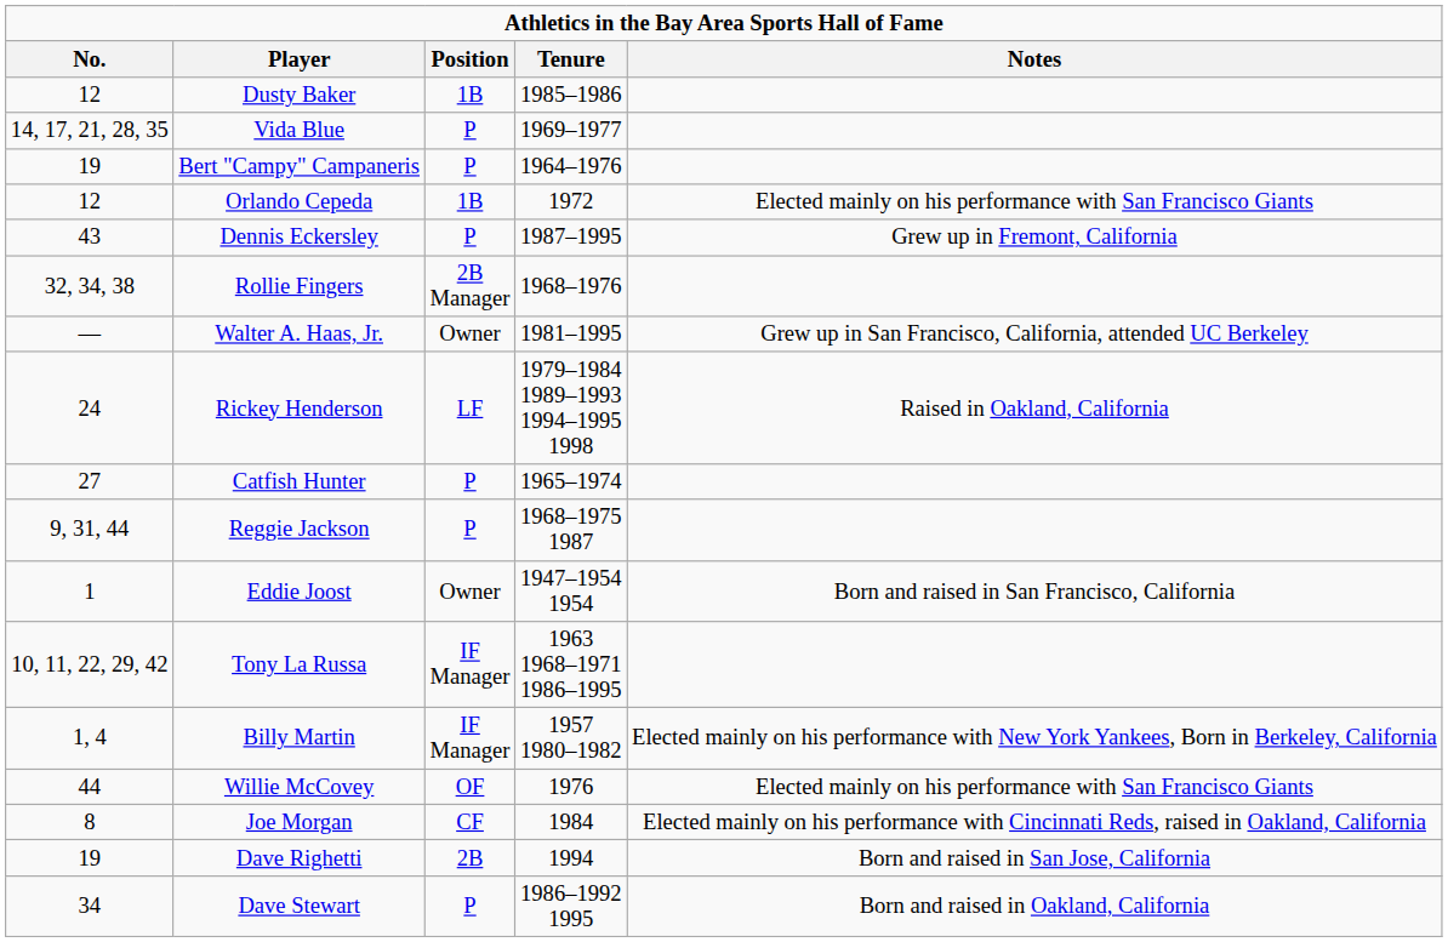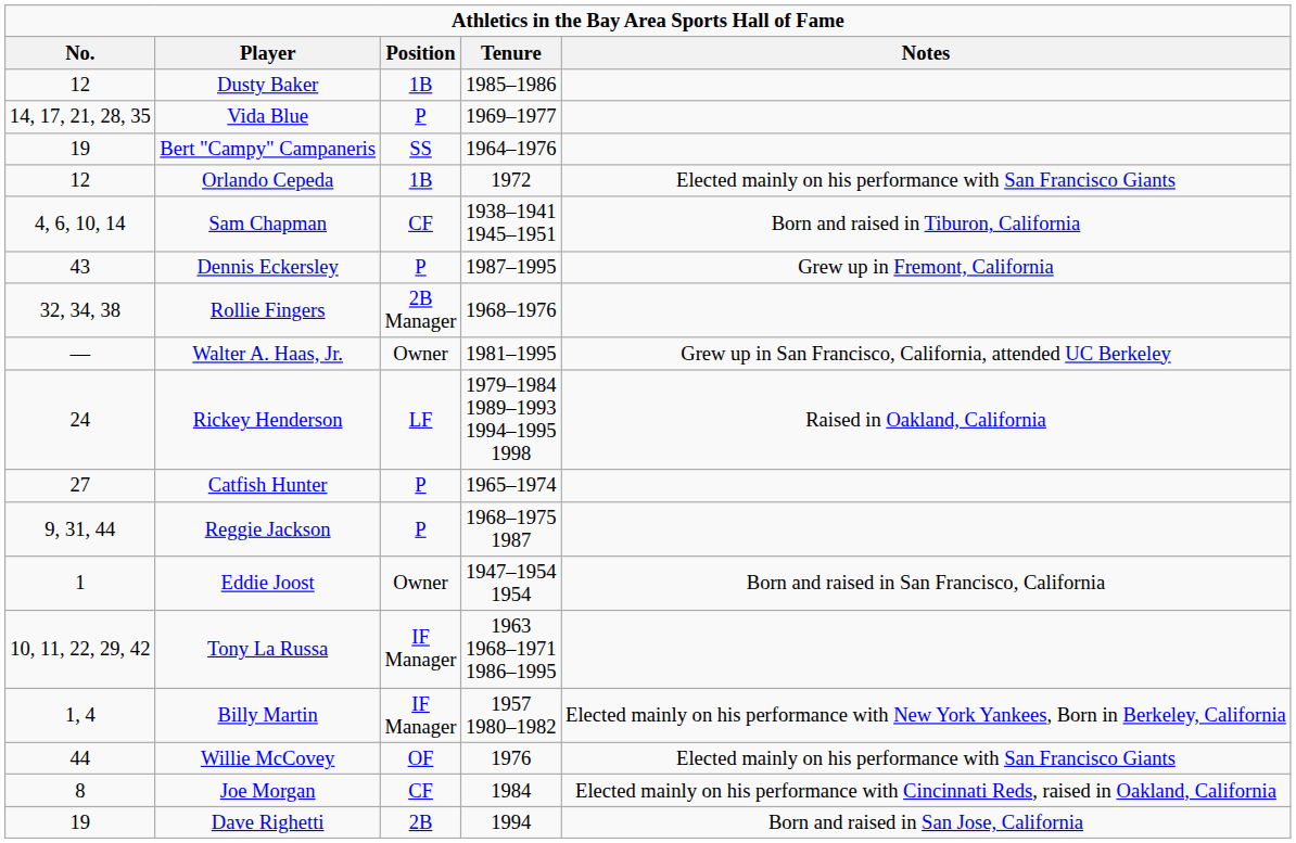 <table class="wikitable" style="text-align:center">
 <tr>
 <td colspan="5"><strong>Athletics in the Bay Area Sports Hall of Fame</strong></td>
 </tr>
 <tr>
 <th>No.</th>
 <th>Player</th>
 <th>Position</th>
 <th>Tenure</th>
 <th>Notes</th>
 </tr>
 <tr>
 <td>12</td>
 <td><a href='#'>Dusty Baker</a></td>
 <td><a href='#'>1B</a></td>
 <td>1985–1986</td>
 <td></td>
 </tr>
 <tr>
 <td>14, 17, 21, 28, 35</td>
 <td><a href='#'>Vida Blue</a></td>
 <td><a href='#'>P</a></td>
 <td>1969–1977</td>
 <td></td>
 </tr>
 <tr>
 <td>19</td>
 <td><a href='#'>Bert "Campy" Campaneris</a></td>
-<td><a href='#'>P</a></td>
+<td><a href='#'>SS</a></td>
 <td>1964–1976</td>
 <td></td>
 </tr>
 <tr>
 <td>12</td>
 <td><a href='#'>Orlando Cepeda</a></td>
 <td><a href='#'>1B</a></td>
 <td>1972</td>
 <td>Elected mainly on his performance with <a href='#'>San Francisco Giants</a></td>
+</tr>
+<tr>
+<td>4, 6, 10, 14</td>
+<td><a href='#'>Sam Chapman</a></td>
+<td><a href='#'>CF</a></td>
+<td>1938–1941<br>1945–1951</td>
+<td>Born and raised in <a href='#'>Tiburon, California</a></td>
 </tr>
 <tr>
 <td>43</td>
 <td><a href='#'>Dennis Eckersley</a></td>
 <td><a href='#'>P</a></td>
 <td>1987–1995</td>
 <td>Grew up in <a href='#'>Fremont, California</a></td>
 </tr>
 <tr>
 <td>32, 34, 38</td>
 <td><a href='#'>Rollie Fingers</a></td>
 <td><a href='#'>2B</a><br>Manager</td>
 <td>1968–1976</td>
 <td></td>
 </tr>
 <tr>
 <td>—</td>
 <td><a href='#'>Walter A. Haas, Jr.</a></td>
 <td>Owner</td>
 <td>1981–1995</td>
 <td>Grew up in San Francisco, California, attended <a href='#'>UC Berkeley</a></td>
 </tr>
 <tr>
 <td>24</td>
 <td><a href='#'>Rickey Henderson</a></td>
 <td><a href='#'>LF</a></td>
 <td>1979–1984<br>1989–1993<br>1994–1995<br>1998</td>
 <td>Raised in <a href='#'>Oakland, California</a></td>
 </tr>
 <tr>
 <td>27</td>
 <td><a href='#'>Catfish Hunter</a></td>
 <td><a href='#'>P</a></td>
 <td>1965–1974</td>
 <td></td>
 </tr>
 <tr>
 <td>9, 31, 44</td>
 <td><a href='#'>Reggie Jackson</a></td>
 <td><a href='#'>P</a></td>
 <td>1968–1975<br>1987</td>
 <td></td>
 </tr>
 <tr>
 <td>1</td>
 <td><a href='#'>Eddie Joost</a></td>
 <td>Owner</td>
 <td>1947–1954<br>1954</td>
 <td>Born and raised in San Francisco, California</td>
 </tr>
 <tr>
 <td>10, 11, 22, 29, 42</td>
 <td><a href='#'>Tony La Russa</a></td>
 <td><a href='#'>IF</a><br>Manager</td>
 <td>1963<br>1968–1971<br>1986–1995</td>
 <td></td>
 </tr>
 <tr>
 <td>1, 4</td>
 <td><a href='#'>Billy Martin</a></td>
 <td><a href='#'>IF</a><br>Manager</td>
 <td>1957<br>1980–1982</td>
 <td>Elected mainly on his performance with <a href='#'>New York Yankees</a>, Born in <a href='#'>Berkeley, California</a></td>
 </tr>
 <tr>
 <td>44</td>
 <td><a href='#'>Willie McCovey</a></td>
 <td><a href='#'>OF</a></td>
 <td>1976</td>
 <td>Elected mainly on his performance with <a href='#'>San Francisco Giants</a></td>
 </tr>
 <tr>
 <td>8</td>
 <td><a href='#'>Joe Morgan</a></td>
 <td><a href='#'>CF</a></td>
 <td>1984</td>
 <td>Elected mainly on his performance with <a href='#'>Cincinnati Reds</a>, raised in <a href='#'>Oakland, California</a></td>
 </tr>
 <tr>
 <td>19</td>
 <td><a href='#'>Dave Righetti</a></td>
 <td><a href='#'>2B</a></td>
 <td>1994</td>
 <td>Born and raised in <a href='#'>San Jose, California</a></td>
 </tr>
-<tr>
-<td>34</td>
-<td><a href='#'>Dave Stewart</a></td>
-<td><a href='#'>P</a></td>
-<td>1986–1992<br>1995</td>
-<td>Born and raised in <a href='#'>Oakland, California</a></td>
-</tr>
 </table>
